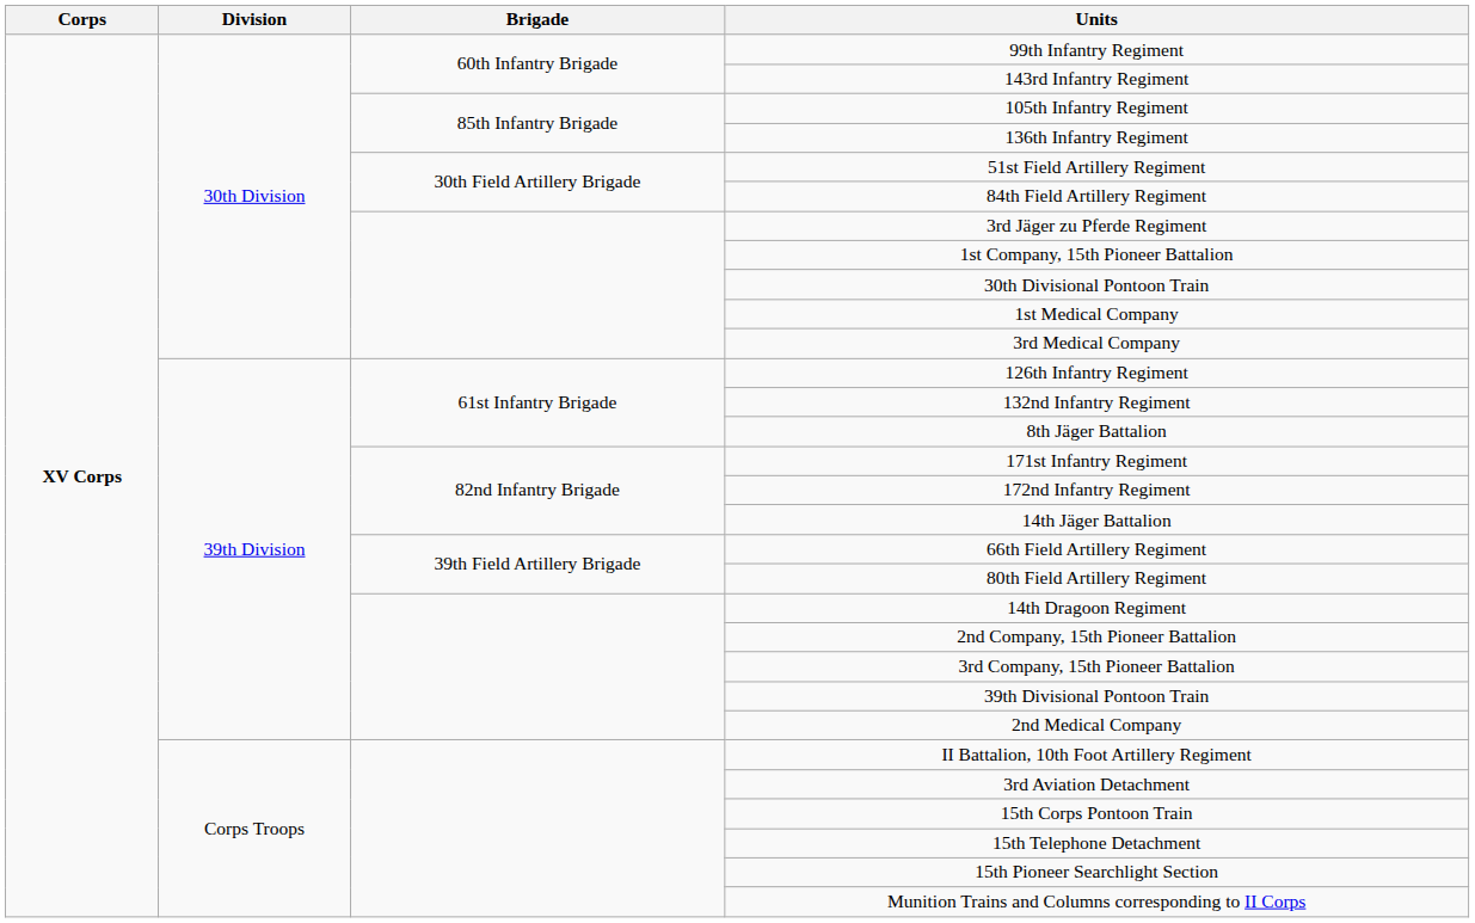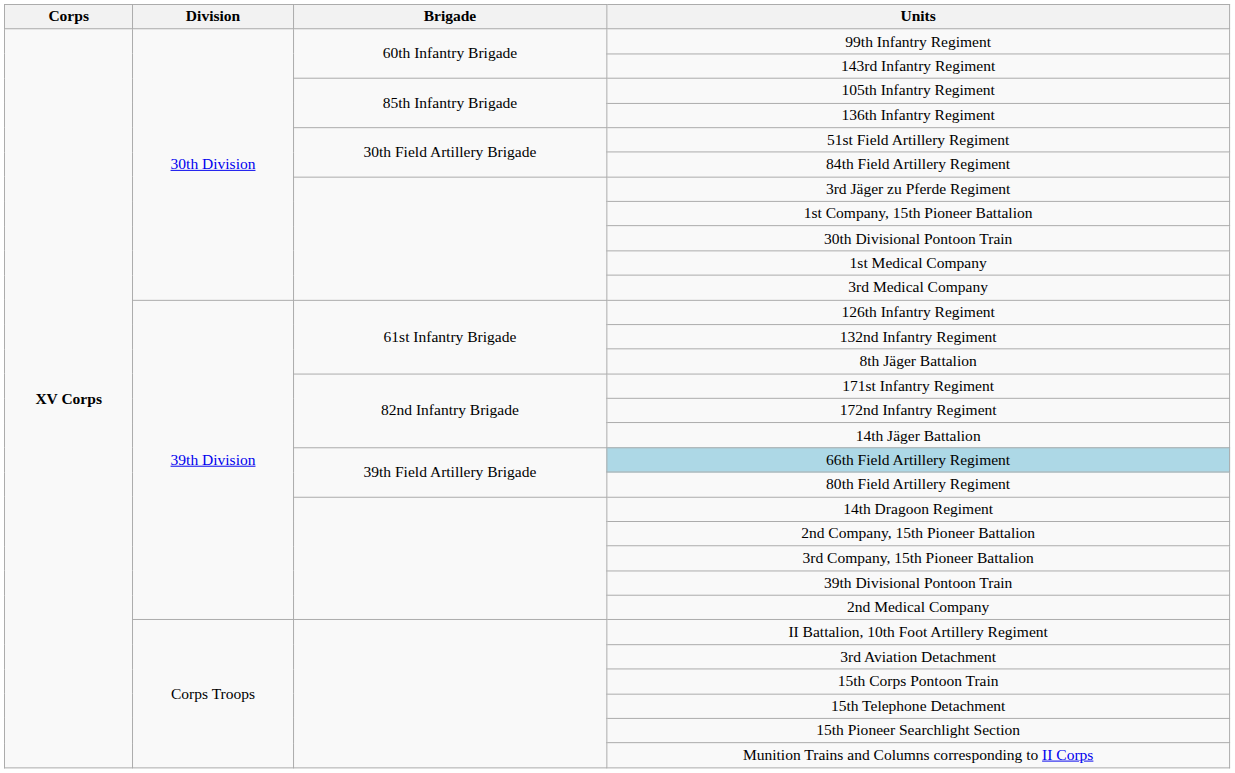 <table class="wikitable collapsible collapsed" style="text-align:center; width:100%;">
 <tr>
 <th>Corps</th>
 <th>Division</th>
 <th>Brigade</th>
 <th>Units</th>
 </tr>
 <tr>
 <td ROWSPAN=30><strong>XV Corps</strong></td>
 <td ROWSPAN=11><a href='#'>30th Division</a></td>
 <td ROWSPAN=2>60th Infantry Brigade</td>
 <td>99th Infantry Regiment</td>
 </tr>
 <tr>
 <td>143rd Infantry Regiment</td>
 </tr>
 <tr>
 <td ROWSPAN=2>85th Infantry Brigade</td>
 <td>105th Infantry Regiment</td>
 </tr>
 <tr>
 <td>136th Infantry Regiment</td>
 </tr>
 <tr>
 <td ROWSPAN=2>30th Field Artillery Brigade</td>
 <td>51st Field Artillery Regiment</td>
 </tr>
 <tr>
 <td>84th Field Artillery Regiment</td>
 </tr>
 <tr>
 <td ROWSPAN=5></td>
 <td>3rd Jäger zu Pferde Regiment</td>
 </tr>
 <tr>
 <td>1st Company, 15th Pioneer Battalion</td>
 </tr>
 <tr>
 <td>30th Divisional Pontoon Train</td>
 </tr>
 <tr>
 <td>1st Medical Company</td>
 </tr>
 <tr>
 <td>3rd Medical Company</td>
 </tr>
 <tr>
 <td ROWSPAN=13><a href='#'>39th Division</a></td>
 <td ROWSPAN=3>61st Infantry Brigade</td>
 <td>126th Infantry Regiment</td>
 </tr>
 <tr>
 <td>132nd Infantry Regiment</td>
 </tr>
 <tr>
 <td>8th Jäger Battalion</td>
 </tr>
 <tr>
 <td ROWSPAN=3>82nd Infantry Brigade</td>
 <td>171st Infantry Regiment</td>
 </tr>
 <tr>
 <td>172nd Infantry Regiment</td>
 </tr>
 <tr>
 <td>14th Jäger Battalion</td>
 </tr>
 <tr>
 <td ROWSPAN=2>39th Field Artillery Brigade</td>
-<td>66th Field Artillery Regiment</td>
+<td style="background: lightblue;">66th Field Artillery Regiment</td>
 </tr>
 <tr>
 <td>80th Field Artillery Regiment</td>
 </tr>
 <tr>
 <td ROWSPAN=5></td>
 <td>14th Dragoon Regiment</td>
 </tr>
 <tr>
 <td>2nd Company, 15th Pioneer Battalion</td>
 </tr>
 <tr>
 <td>3rd Company, 15th Pioneer Battalion</td>
 </tr>
 <tr>
 <td>39th Divisional Pontoon Train</td>
 </tr>
 <tr>
 <td>2nd Medical Company</td>
 </tr>
 <tr>
 <td ROWSPAN=6>Corps Troops</td>
 <td ROWSPAN=6></td>
 <td>II Battalion, 10th Foot Artillery Regiment</td>
 </tr>
 <tr>
 <td>3rd Aviation Detachment</td>
 </tr>
 <tr>
 <td>15th Corps Pontoon Train</td>
 </tr>
 <tr>
 <td>15th Telephone Detachment</td>
 </tr>
 <tr>
 <td>15th Pioneer Searchlight Section</td>
 </tr>
 <tr>
 <td>Munition Trains and Columns corresponding to <a href='#'>II Corps</a></td>
 </tr>
 </table>
